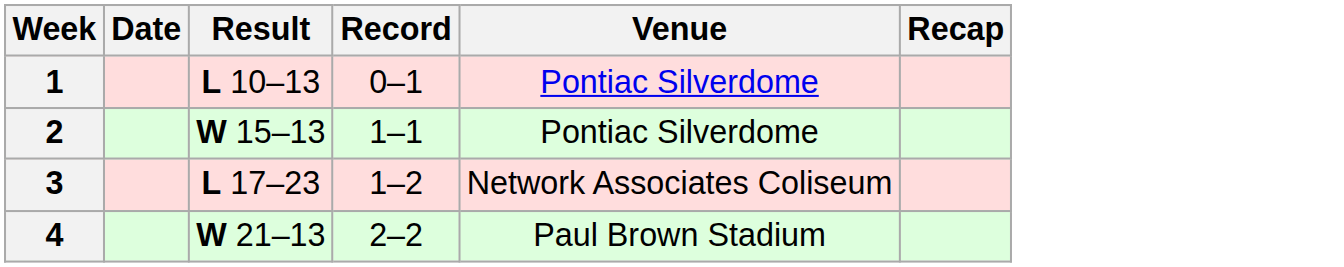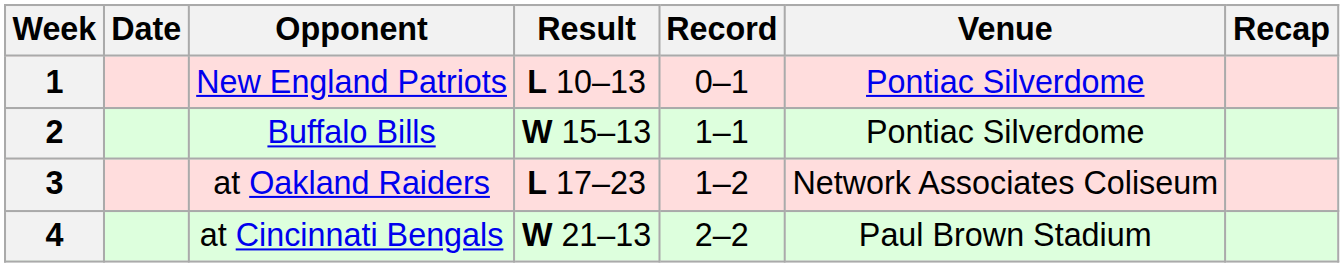 <table class="wikitable" style="text-align:center">
 <tr>
 <th>Week</th>
 <th>Date</th>
+<th>Opponent</th>
 <th>Result</th>
 <th>Record</th>
 <th>Venue</th>
 <th>Recap</th>
 </tr>
 <tr style="background:#ffdddd">
 <th>1</th>
 <td></td>
+<td><a href='#'>New England Patriots</a></td>
 <td><strong>L</strong> 10–13</td>
 <td>0–1</td>
 <td><a href='#'>Pontiac Silverdome</a></td>
 <td></td>
 </tr>
 <tr style="background:#ddffdd">
 <th>2</th>
 <td></td>
+<td><a href='#'>Buffalo Bills</a></td>
 <td><strong>W</strong> 15–13</td>
 <td>1–1</td>
 <td>Pontiac Silverdome</td>
 <td></td>
 </tr>
 <tr style="background:#ffdddd">
 <th>3</th>
 <td></td>
+<td>at <a href='#'>Oakland Raiders</a></td>
 <td><strong>L</strong> 17–23</td>
 <td>1–2</td>
 <td>Network Associates Coliseum</td>
 <td></td>
 </tr>
 <tr style="background:#ddffdd">
 <th>4</th>
 <td></td>
+<td>at <a href='#'>Cincinnati Bengals</a></td>
 <td><strong>W</strong> 21–13</td>
 <td>2–2</td>
 <td>Paul Brown Stadium</td>
 <td></td>
 </tr>
 </table>
